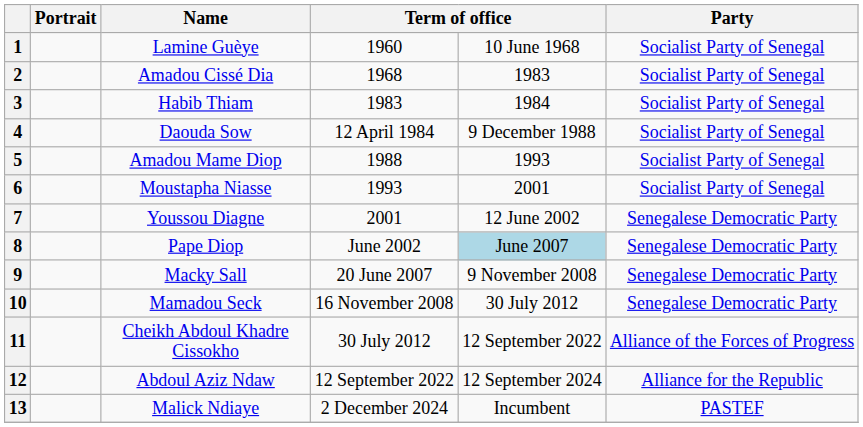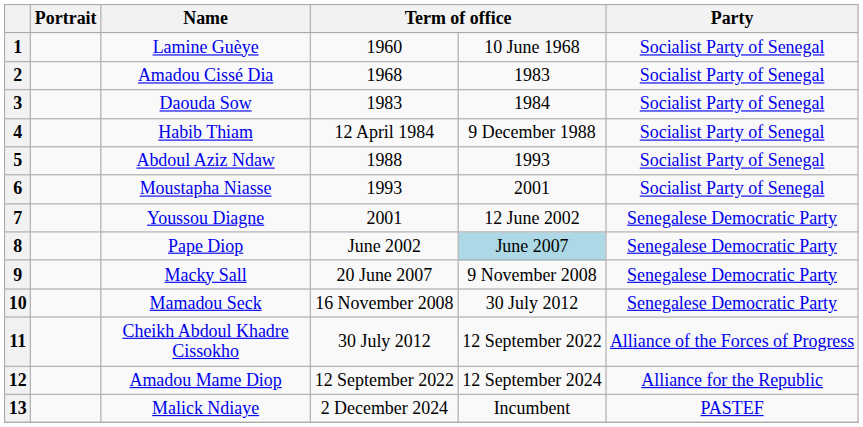 <table class="wikitable" style="text-align:center">
 <tr ->
 <th></th>
 <th>Portrait</th>
 <th width=180>Name</th>
 <th colspan=2>Term of office</th>
 <th>Party</th>
 </tr>
 <tr ->
 <th style="background:">1</th>
 <td></td>
 <td><a href='#'>Lamine Guèye</a></td>
 <td>1960</td>
 <td>10 June 1968</td>
 <td><a href='#'>Socialist Party of Senegal</a></td>
 </tr>
 <tr ->
 <th style="background:">2</th>
 <td></td>
 <td><a href='#'>Amadou Cissé Dia</a></td>
 <td>1968</td>
 <td>1983</td>
 <td><a href='#'>Socialist Party of Senegal</a></td>
 </tr>
 <tr ->
 <th style="background:">3</th>
 <td></td>
-<td><a href='#'>Habib Thiam</a></td>
+<td><a href='#'>Daouda Sow</a></td>
 <td>1983</td>
 <td>1984</td>
 <td><a href='#'>Socialist Party of Senegal</a></td>
 </tr>
 <tr ->
 <th style="background:">4</th>
 <td></td>
-<td><a href='#'>Daouda Sow</a></td>
+<td><a href='#'>Habib Thiam</a></td>
 <td>12 April 1984</td>
 <td>9 December 1988</td>
 <td><a href='#'>Socialist Party of Senegal</a></td>
 </tr>
 <tr ->
 <th style="background:">5</th>
 <td></td>
-<td><a href='#'>Amadou Mame Diop</a></td>
+<td><a href='#'>Abdoul Aziz Ndaw</a></td>
 <td>1988</td>
 <td>1993</td>
 <td><a href='#'>Socialist Party of Senegal</a></td>
 </tr>
 <tr ->
 <th style="background:">6</th>
 <td></td>
 <td><a href='#'>Moustapha Niasse</a></td>
 <td>1993</td>
 <td>2001</td>
 <td><a href='#'>Socialist Party of Senegal</a></td>
 </tr>
 <tr ->
 <th style="background:">7</th>
 <td></td>
 <td><a href='#'>Youssou Diagne</a></td>
 <td>2001</td>
 <td>12 June 2002</td>
 <td><a href='#'>Senegalese Democratic Party</a></td>
 </tr>
 <tr ->
 <th style="background:">8</th>
 <td></td>
 <td><a href='#'>Pape Diop</a></td>
 <td>June 2002</td>
 <td style="background: lightblue;">June 2007</td>
 <td><a href='#'>Senegalese Democratic Party</a></td>
 </tr>
 <tr ->
 <th style="background:">9</th>
 <td></td>
 <td><a href='#'>Macky Sall</a></td>
 <td>20 June 2007</td>
 <td>9 November 2008</td>
 <td><a href='#'>Senegalese Democratic Party</a></td>
 </tr>
 <tr ->
 <th style="background:">10</th>
 <td></td>
 <td><a href='#'>Mamadou Seck</a></td>
 <td>16 November 2008</td>
 <td>30 July 2012</td>
 <td><a href='#'>Senegalese Democratic Party</a></td>
 </tr>
 <tr ->
 <th style="background:">11</th>
 <td></td>
 <td><a href='#'>Cheikh Abdoul Khadre Cissokho</a></td>
 <td>30 July 2012</td>
 <td>12 September 2022</td>
 <td><a href='#'>Alliance of the Forces of Progress</a></td>
 </tr>
 <tr ->
 <th style="background:">12</th>
 <td></td>
-<td><a href='#'>Abdoul Aziz Ndaw</a></td>
+<td><a href='#'>Amadou Mame Diop</a></td>
 <td>12 September 2022</td>
 <td>12 September 2024</td>
 <td><a href='#'>Alliance for the Republic</a></td>
 </tr>
 <tr ->
 <th style="background:">13</th>
 <td></td>
 <td><a href='#'>Malick Ndiaye</a></td>
 <td>2 December 2024</td>
 <td>Incumbent</td>
 <td><a href='#'>PASTEF</a></td>
 </tr>
 <tr ->
 </tr>
 </table>
